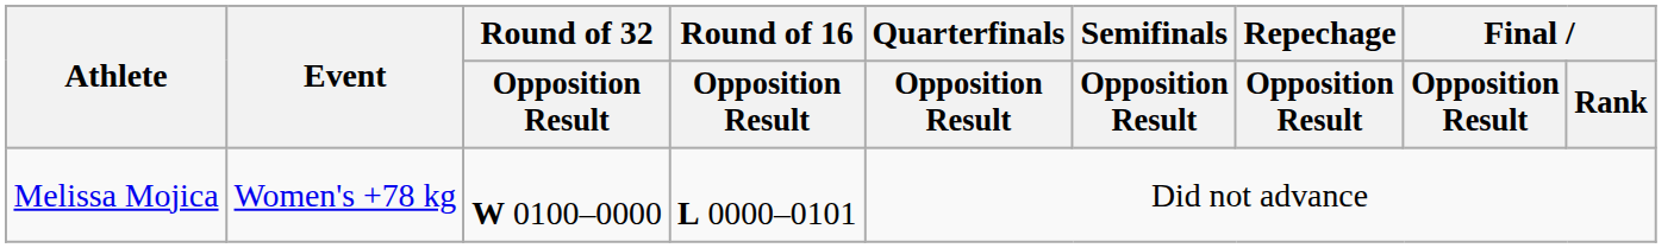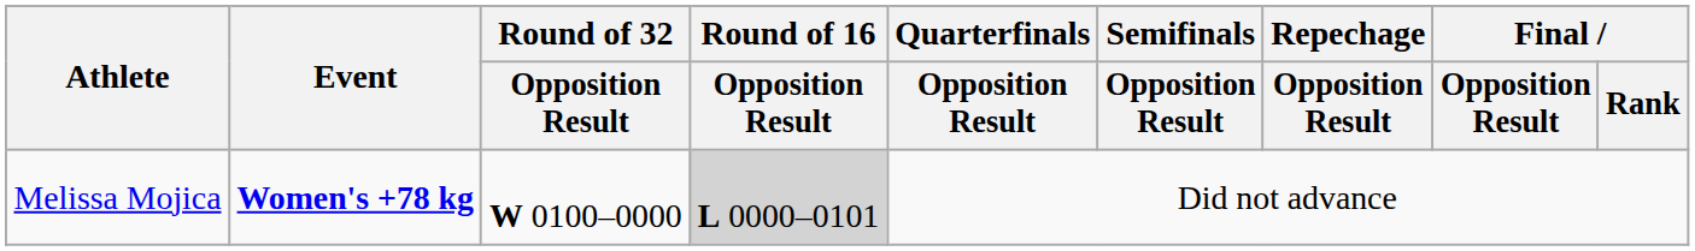 <table class="wikitable" style="font-size:90%">
 <tr>
 <th rowspan="2">Athlete</th>
 <th rowspan="2">Event</th>
 <th>Round of 32</th>
 <th>Round of 16</th>
 <th>Quarterfinals</th>
 <th>Semifinals</th>
 <th>Repechage</th>
 <th colspan=2>Final / </th>
 </tr>
 <tr style="font-size:95%">
 <th>Opposition<br>Result</th>
 <th>Opposition<br>Result</th>
 <th>Opposition<br>Result</th>
 <th>Opposition<br>Result</th>
 <th>Opposition<br>Result</th>
 <th>Opposition<br>Result</th>
 <th>Rank</th>
 </tr>
 <tr align=center>
 <td align=left><a href='#'>Melissa Mojica</a></td>
-<td align=left><a href='#'>Women's +78 kg</a></td>
+<td align=left><strong><a href='#'>Women's +78 kg</a></strong></td>
 <td><br><strong>W</strong> 0100–0000</td>
-<td><br><strong>L</strong> 0000–0101</td>
+<td style="background: lightgrey;"><br><strong>L</strong> 0000–0101</td>
 <td colspan=5>Did not advance</td>
 </tr>
 </table>
